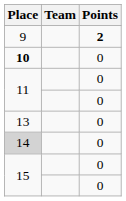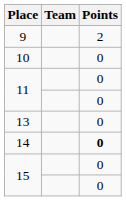 <table class="wikitable" style="text-align:center; padding-bottom:0;">
 <tr>
 <th>Place</th>
 <th style="text-align:left;">Team</th>
 <th>Points</th>
 </tr>
 <tr>
 <td>9</td>
 <td align=left></td>
-<td><strong>2</strong></td>
+<td>2</td>
 </tr>
 <tr>
-<td><strong>10</strong></td>
+<td>10</td>
 <td align=left></td>
 <td>0</td>
 </tr>
 <tr>
 <td rowspan=2>11</td>
 <td align=left></td>
 <td>0</td>
 </tr>
 <tr>
 <td align=left></td>
 <td>0</td>
 </tr>
 <tr>
 <td>13</td>
 <td align=left></td>
 <td>0</td>
 </tr>
 <tr>
-<td style="background: lightgrey;">14</td>
+<td>14</td>
 <td align=left></td>
-<td>0</td>
+<td><strong>0</strong></td>
 </tr>
 <tr>
 <td rowspan=2>15</td>
 <td align=left></td>
 <td>0</td>
 </tr>
 <tr>
 <td align=left></td>
 <td>0</td>
 </tr>
 </table>
